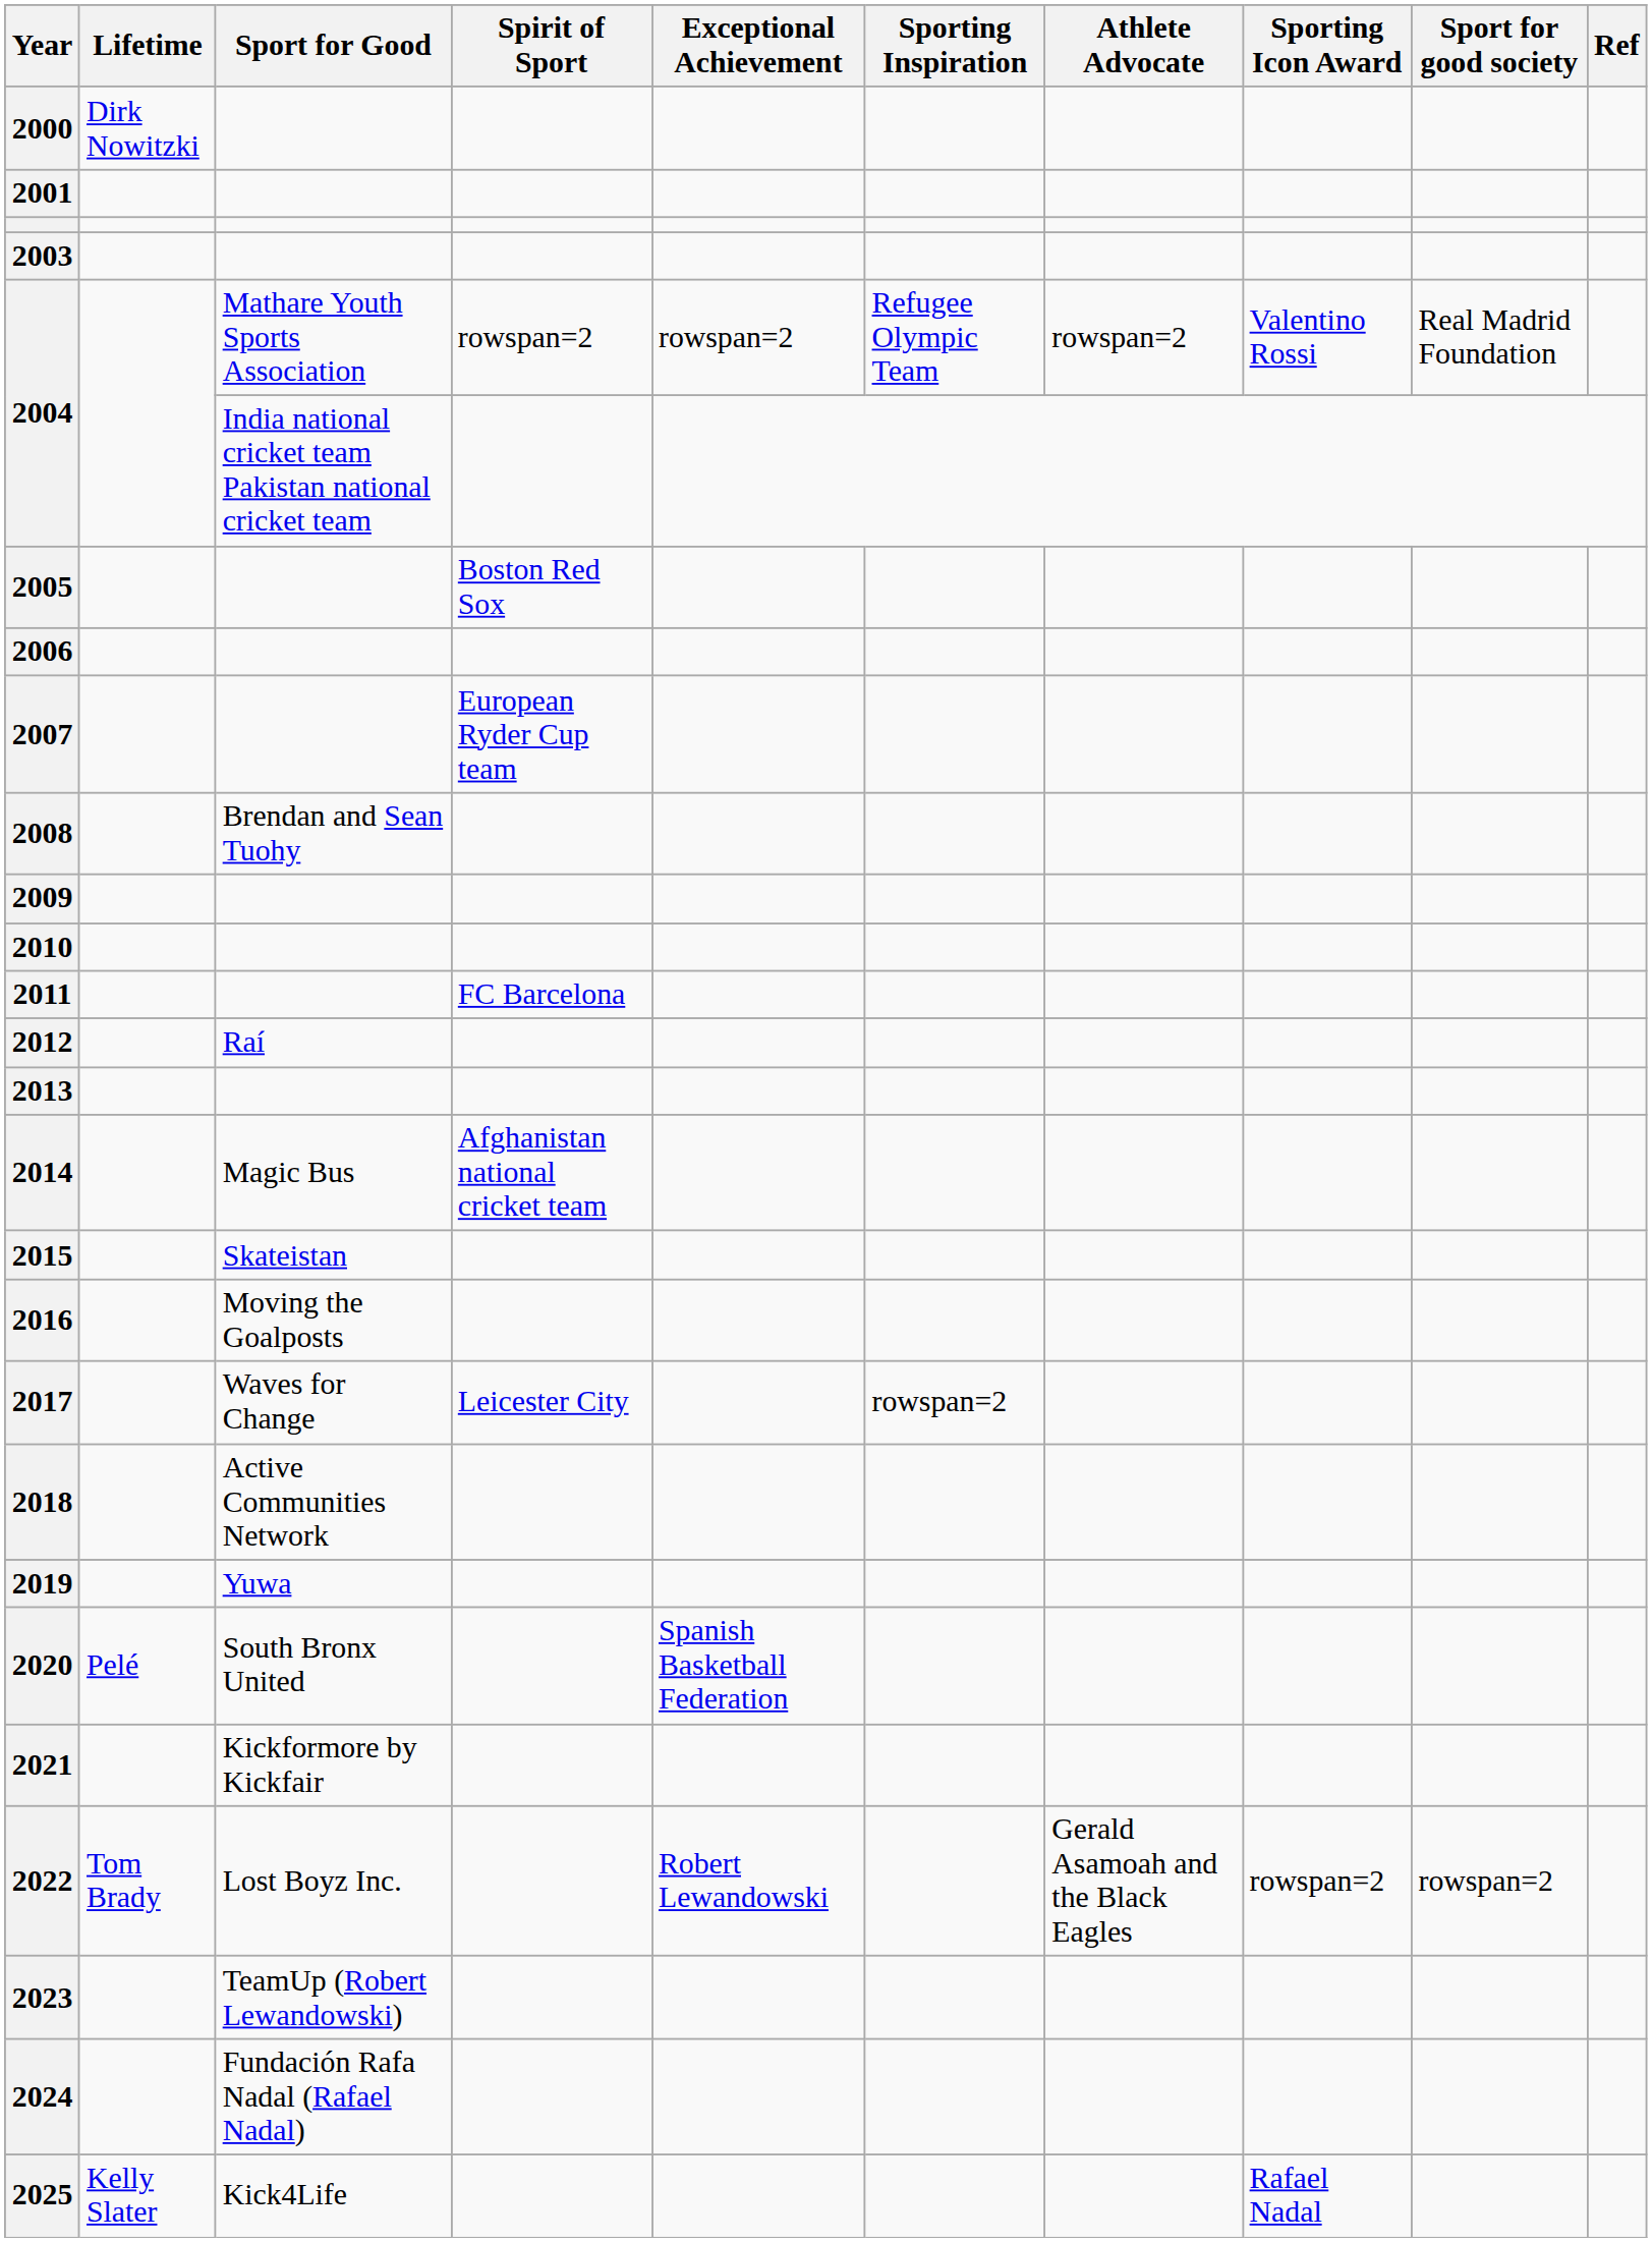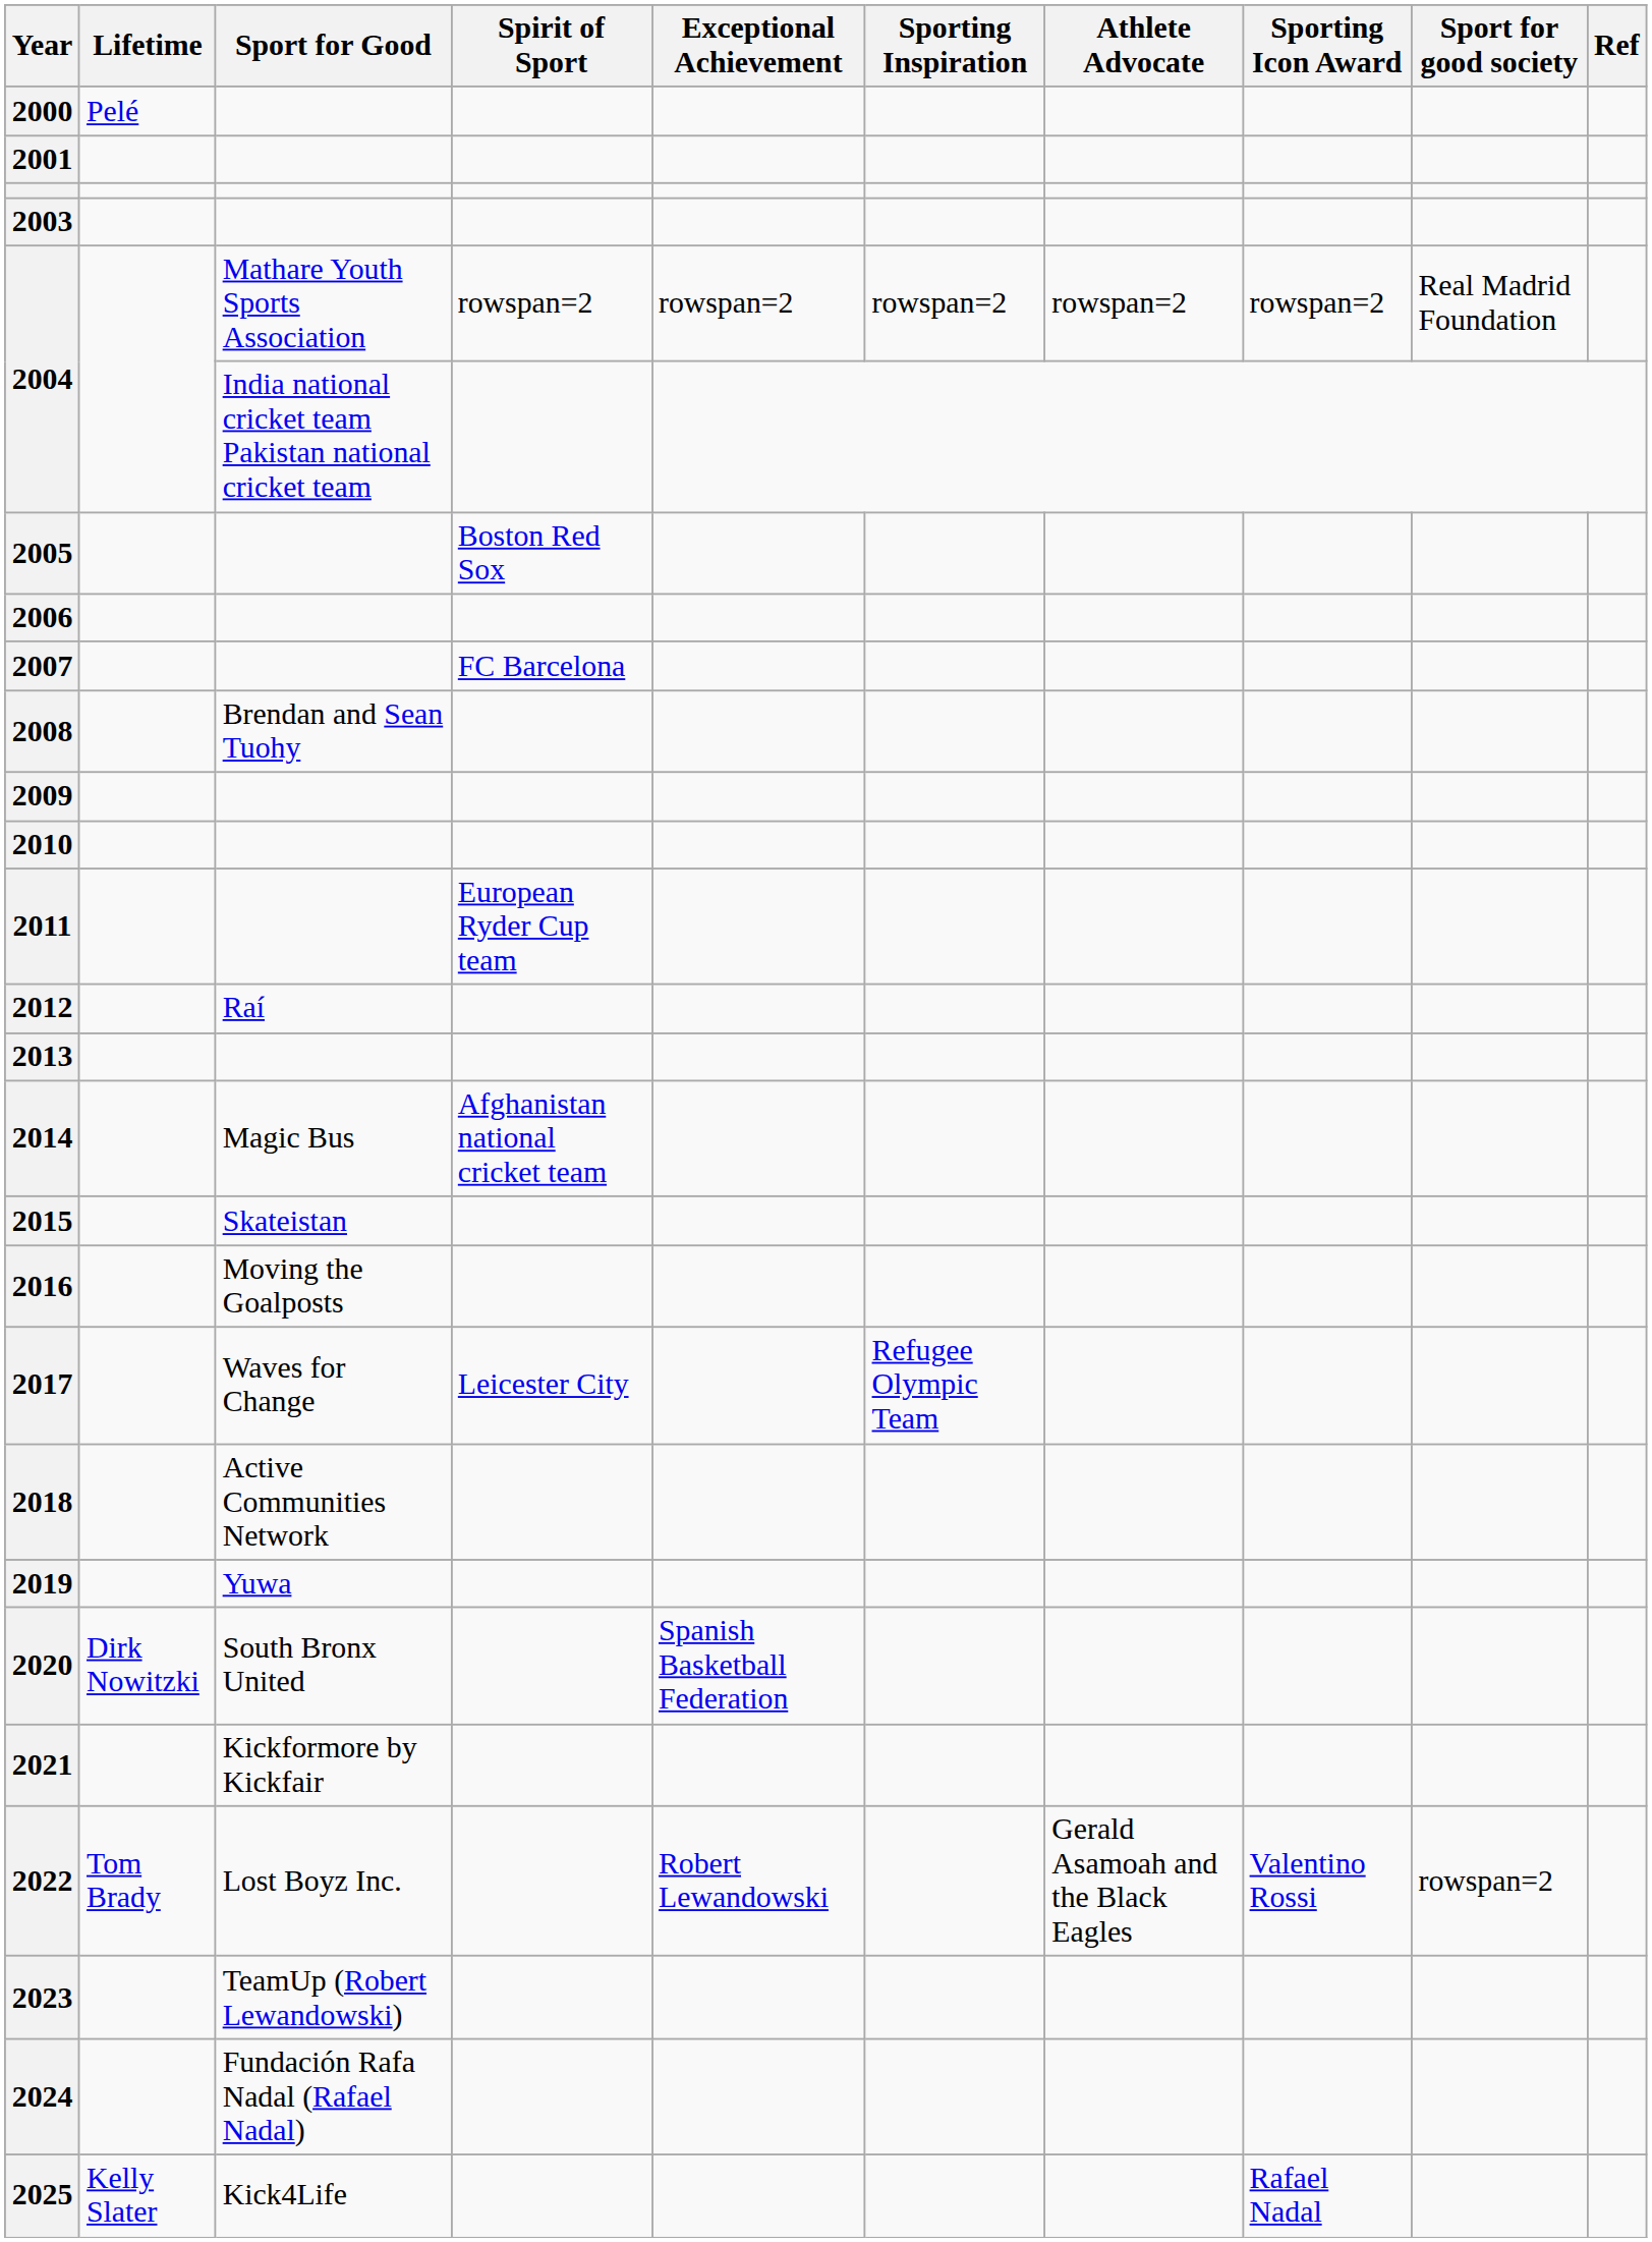 <table class="wikitable sortable plainrowheaders">
 <tr>
 <th scope=col>Year</th>
 <th scope=col>Lifetime</th>
 <th scope=col>Sport for Good</th>
 <th scope=col>Spirit of Sport</th>
 <th scope=col>Exceptional Achievement</th>
 <th scope=col>Sporting Inspiration</th>
 <th scope=col>Athlete Advocate</th>
 <th scope=col>Sporting Icon Award</th>
 <th scope=col>Sport for good society</th>
 <th scope=col class=unsortable>Ref</th>
 </tr>
 <tr>
 <th scope=row>2000</th>
-<td><a href='#'>Dirk Nowitzki</a></td>
+<td><a href='#'>Pelé</a></td>
 <td></td>
 <td></td>
 <td></td>
 <td></td>
 <td></td>
 <td></td>
 <td></td>
 <td></td>
 </tr>
 <tr>
 <th scope=row>2001</th>
 <td></td>
 <td></td>
 <td></td>
 <td></td>
 <td></td>
 <td></td>
 <td></td>
 <td></td>
 <td></td>
 </tr>
 <tr>
 <th scope=row></th>
 <td> </td>
 <td> </td>
 <td></td>
 <td></td>
 <td></td>
 <td></td>
 <td></td>
 <td></td>
 <td></td>
 </tr>
 <tr>
 <th scope=row>2003</th>
 <td></td>
 <td></td>
 <td></td>
 <td></td>
 <td></td>
 <td></td>
 <td></td>
 <td></td>
 <td></td>
 </tr>
 <tr>
 <th scope=row rowspan=2>2004</th>
 <td rowspan=2> </td>
 <td><a href='#'>Mathare Youth Sports Association</a></td>
 <td>rowspan=2 </td>
 <td>rowspan=2 </td>
-<td><a href='#'>Refugee Olympic Team</a></td>
 <td>rowspan=2 </td>
-<td><a href='#'>Valentino Rossi</a></td>
+<td>rowspan=2 </td>
+<td>rowspan=2 </td>
 <td>Real Madrid Foundation</td>
 <td></td>
 </tr>
 <tr>
 <td><a href='#'>India national cricket team</a><br><a href='#'>Pakistan national cricket team</a></td>
 <td></td>
 </tr>
 <tr>
 <th scope=row>2005</th>
 <td></td>
 <td></td>
 <td><a href='#'>Boston Red Sox</a></td>
 <td></td>
 <td></td>
 <td></td>
 <td></td>
 <td></td>
 <td></td>
 </tr>
 <tr>
 <th scope=row>2006</th>
 <td></td>
 <td></td>
 <td></td>
 <td></td>
 <td></td>
 <td></td>
 <td></td>
 <td></td>
 <td></td>
 </tr>
 <tr>
 <th scope=row>2007</th>
 <td></td>
 <td></td>
-<td><a href='#'>European Ryder Cup team</a></td>
+<td><a href='#'>FC Barcelona</a></td>
 <td></td>
 <td></td>
 <td></td>
 <td></td>
 <td></td>
 <td></td>
 </tr>
 <tr>
 <th scope=row>2008</th>
 <td></td>
 <td>Brendan and <a href='#'>Sean Tuohy</a></td>
 <td></td>
 <td></td>
 <td></td>
 <td></td>
 <td></td>
 <td></td>
 <td></td>
 </tr>
 <tr>
 <th scope=row>2009</th>
 <td></td>
 <td></td>
 <td></td>
 <td></td>
 <td></td>
 <td></td>
 <td></td>
 <td></td>
 <td></td>
 </tr>
 <tr>
 <th scope=row>2010</th>
 <td></td>
 <td></td>
 <td></td>
 <td></td>
 <td></td>
 <td></td>
 <td></td>
 <td></td>
 <td></td>
 </tr>
 <tr>
 <th scope=row>2011</th>
 <td></td>
 <td></td>
-<td><a href='#'>FC Barcelona</a></td>
+<td><a href='#'>European Ryder Cup team</a></td>
 <td></td>
 <td></td>
 <td></td>
 <td></td>
 <td></td>
 <td></td>
 </tr>
 <tr>
 <th scope=row>2012</th>
 <td></td>
 <td><a href='#'>Raí</a></td>
 <td></td>
 <td></td>
 <td></td>
 <td></td>
 <td></td>
 <td></td>
 <td></td>
 </tr>
 <tr>
 <th scope=row>2013</th>
 <td></td>
 <td></td>
 <td></td>
 <td></td>
 <td></td>
 <td></td>
 <td></td>
 <td></td>
 <td></td>
 </tr>
 <tr>
 <th scope=row>2014</th>
 <td></td>
 <td>Magic Bus</td>
 <td><a href='#'>Afghanistan national cricket team</a></td>
 <td></td>
 <td></td>
 <td></td>
 <td></td>
 <td></td>
 <td></td>
 </tr>
 <tr>
 <th scope=row>2015</th>
 <td></td>
 <td><a href='#'>Skateistan</a></td>
 <td></td>
 <td></td>
 <td></td>
 <td></td>
 <td></td>
 <td></td>
 <td></td>
 </tr>
 <tr>
 <th scope=row>2016</th>
 <td></td>
 <td>Moving the Goalposts</td>
 <td> </td>
 <td></td>
 <td></td>
 <td></td>
 <td></td>
 <td></td>
 <td></td>
 </tr>
 <tr>
 <th scope=row>2017</th>
 <td></td>
 <td>Waves for Change</td>
 <td><a href='#'>Leicester City</a></td>
 <td></td>
-<td>rowspan=2 </td>
+<td><a href='#'>Refugee Olympic Team</a></td>
 <td></td>
 <td></td>
 <td></td>
 <td></td>
 </tr>
 <tr>
 <th scope=row>2018</th>
 <td></td>
 <td>Active Communities Network</td>
 <td></td>
 <td></td>
 <td></td>
 <td></td>
 <td></td>
 <td></td>
 <td></td>
 </tr>
 <tr>
 <th scope=row>2019</th>
 <td></td>
 <td><a href='#'>Yuwa</a></td>
 <td></td>
 <td></td>
 <td></td>
 <td></td>
 <td></td>
 <td></td>
 <td></td>
 </tr>
 <tr>
 <th scope=row>2020</th>
-<td><a href='#'>Pelé</a></td>
+<td><a href='#'>Dirk Nowitzki</a></td>
 <td>South Bronx United</td>
 <td></td>
 <td><a href='#'>Spanish Basketball Federation</a></td>
 <td></td>
 <td></td>
 <td></td>
 <td></td>
 <td></td>
 </tr>
 <tr>
 <th scope=row>2021</th>
 <td></td>
 <td>Kickformore by Kickfair</td>
 <td></td>
 <td></td>
 <td></td>
 <td></td>
 <td></td>
 <td></td>
 <td></td>
 </tr>
 <tr>
 <th scope=row>2022</th>
 <td><a href='#'>Tom Brady</a></td>
 <td>Lost Boyz Inc.</td>
 <td></td>
 <td><a href='#'>Robert Lewandowski</a></td>
 <td></td>
 <td>Gerald Asamoah and the Black Eagles</td>
-<td>rowspan=2 </td>
+<td><a href='#'>Valentino Rossi</a></td>
 <td>rowspan=2 </td>
 <td></td>
 </tr>
 <tr>
 <th scope=row>2023</th>
 <td></td>
 <td>TeamUp (<a href='#'>Robert Lewandowski</a>)</td>
 <td></td>
 <td></td>
 <td></td>
 <td></td>
 <td></td>
 <td></td>
 <td></td>
 </tr>
 <tr>
 <th scope=row>2024</th>
 <td></td>
 <td>Fundación Rafa Nadal (<a href='#'>Rafael Nadal</a>)</td>
 <td></td>
 <td></td>
 <td></td>
 <td></td>
 <td></td>
 <td></td>
 <td></td>
 </tr>
 <tr>
 <th scope=row>2025</th>
 <td><a href='#'>Kelly Slater</a></td>
 <td>Kick4Life</td>
 <td></td>
 <td></td>
 <td></td>
 <td></td>
 <td><a href='#'>Rafael Nadal</a></td>
 <td></td>
 <td></td>
 </tr>
 </table>
